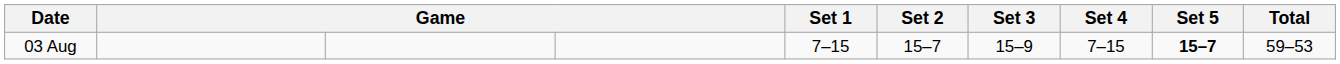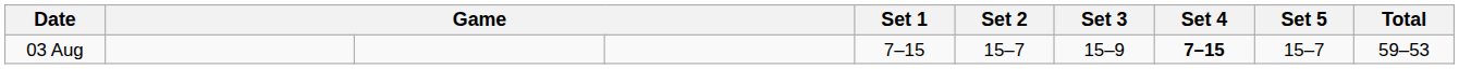 <table width=1200 class="wikitable">
 <tr>
 <th width=6%>Date</th>
 <th width=45% colspan=3>Game</th>
 <th width=6%>Set 1</th>
 <th width=6%>Set 2</th>
 <th width=6%>Set 3</th>
 <th width=6%>Set 4</th>
 <th width=6%>Set 5</th>
 <th width=6%>Total</th>
 </tr>
 <tr style=font-size:95%>
 <td align=center>03 Aug</td>
 <td align=center><strong></strong></td>
 <td></td>
 <td></td>
 <td align=center>7–15</td>
 <td align=center>15–7</td>
 <td align=center>15–9</td>
-<td align=center>7–15</td>
-<td align=center><strong>15–7</strong></td>
+<td align=center><strong>7–15</strong></td>
+<td align=center>15–7</td>
 <td align=center>59–53</td>
 </tr>
 </table>
